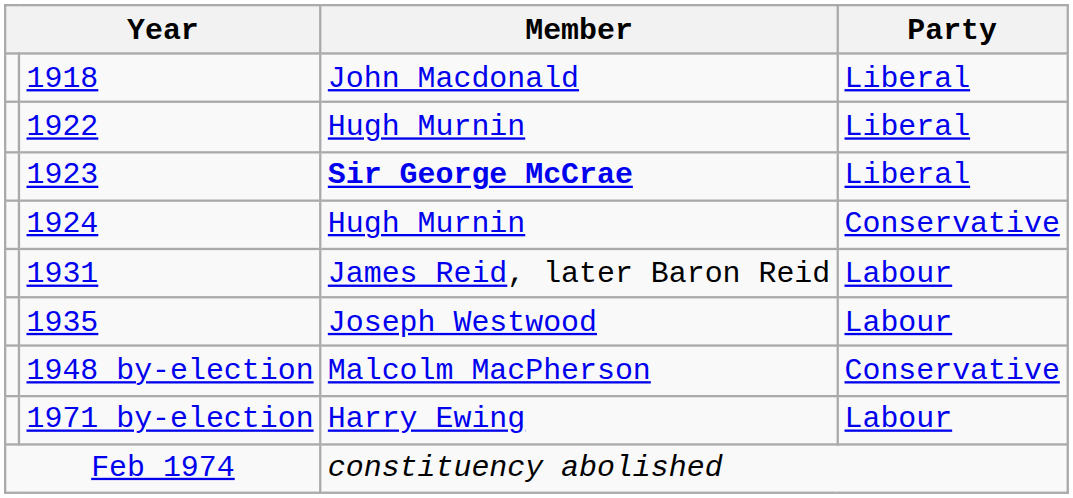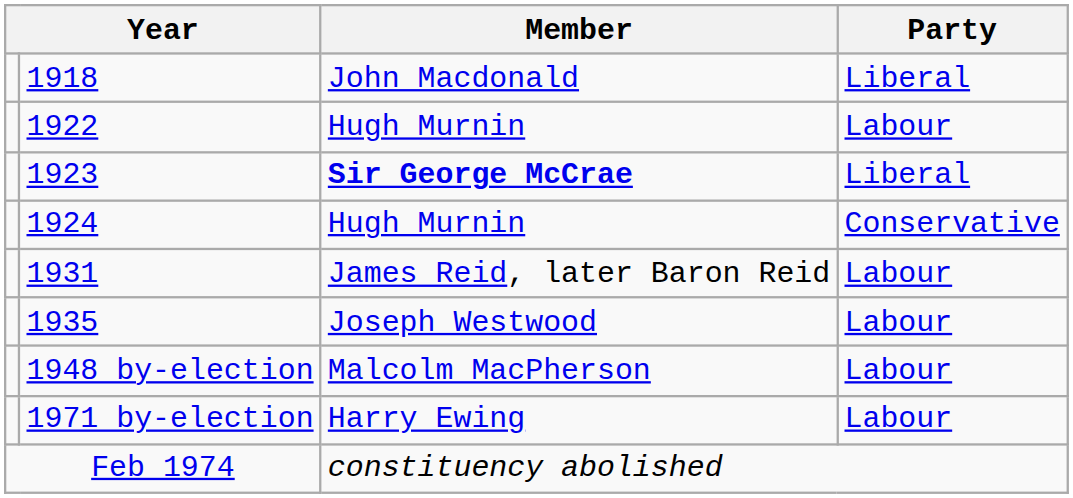 <table class="wikitable">
 <tr>
 <th colspan="2">Year</th>
 <th>Member</th>
 <th>Party</th>
 </tr>
 <tr>
 <td style="color:inherit;background-color: "></td>
 <td><a href='#'>1918</a></td>
 <td><a href='#'>John Macdonald</a></td>
 <td><a href='#'>Liberal</a></td>
 </tr>
 <tr>
 <td style="color:inherit;background-color: "></td>
 <td><a href='#'>1922</a></td>
 <td><a href='#'>Hugh Murnin</a></td>
-<td><a href='#'>Liberal</a></td>
+<td><a href='#'>Labour</a></td>
 </tr>
 <tr>
 <td style="color:inherit;background-color: "></td>
 <td><a href='#'>1923</a></td>
 <td><strong><a href='#'>Sir George McCrae</a></strong></td>
 <td><a href='#'>Liberal</a></td>
 </tr>
 <tr>
 <td style="color:inherit;background-color: "></td>
 <td><a href='#'>1924</a></td>
 <td><a href='#'>Hugh Murnin</a></td>
 <td><a href='#'>Conservative</a></td>
 </tr>
 <tr>
 <td style="color:inherit;background-color: "></td>
 <td><a href='#'>1931</a></td>
 <td><a href='#'>James Reid</a>, later Baron Reid</td>
 <td><a href='#'>Labour</a></td>
 </tr>
 <tr>
 <td style="color:inherit;background-color: "></td>
 <td><a href='#'>1935</a></td>
 <td><a href='#'>Joseph Westwood</a></td>
 <td><a href='#'>Labour</a></td>
 </tr>
 <tr>
 <td style="color:inherit;background-color: "></td>
 <td><a href='#'>1948 by-election</a></td>
 <td><a href='#'>Malcolm MacPherson</a></td>
-<td><a href='#'>Conservative</a></td>
+<td><a href='#'>Labour</a></td>
 </tr>
 <tr>
 <td style="color:inherit;background-color: "></td>
 <td><a href='#'>1971 by-election</a></td>
 <td><a href='#'>Harry Ewing</a></td>
 <td><a href='#'>Labour</a></td>
 </tr>
 <tr>
 <td colspan="2" align="center"><a href='#'>Feb 1974</a></td>
 <td colspan="2"><em>constituency abolished</em></td>
 </tr>
 </table>
